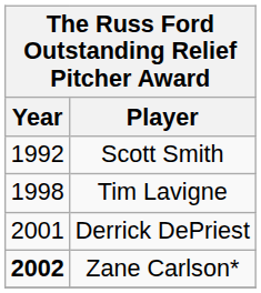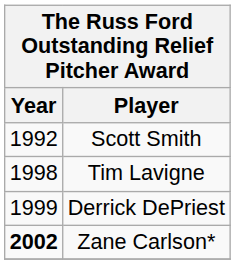 <table class="wikitable" style="display: inline-table; margin-right: 20px; text-align:center">
 <tr>
 <th scope="col" colspan="2" style="width: 145px;">The Russ Ford Outstanding Relief Pitcher Award</th>
 </tr>
 <tr>
 <th scope="col">Year</th>
 <th scope="col">Player</th>
 </tr>
 <tr>
 <td>1992</td>
 <td>Scott Smith</td>
 </tr>
 <tr>
 <td>1998</td>
 <td>Tim Lavigne</td>
 </tr>
 <tr>
-<td>2001</td>
+<td>1999</td>
 <td>Derrick DePriest</td>
 </tr>
 <tr>
 <td><strong>2002</strong></td>
 <td>Zane Carlson*</td>
 </tr>
 <tr>
 </tr>
 </table>
